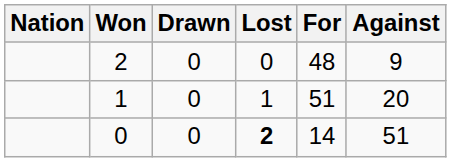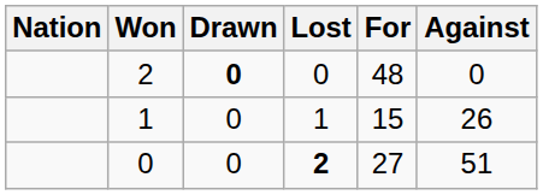 <table class="wikitable" style="text-align: center;">
 <tr>
 <th>Nation</th>
 <th>Won</th>
 <th>Drawn</th>
 <th>Lost</th>
 <th>For</th>
 <th>Against</th>
 </tr>
 <tr>
 <td align=left></td>
 <td>2</td>
-<td>0</td>
+<td><strong>0</strong></td>
 <td>0</td>
 <td>48</td>
-<td>9</td>
+<td>0</td>
 </tr>
 <tr>
 <td align=left></td>
 <td>1</td>
 <td>0</td>
 <td>1</td>
-<td>51</td>
-<td>20</td>
+<td>15</td>
+<td>26</td>
 </tr>
 <tr>
 <td align=left></td>
 <td>0</td>
 <td>0</td>
 <td><strong>2</strong></td>
-<td>14</td>
+<td>27</td>
 <td>51</td>
 </tr>
 </table>
